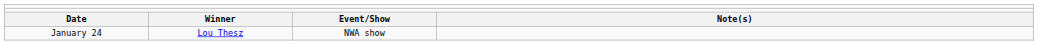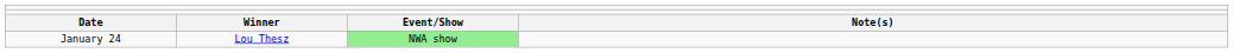 <table class="wikitable" style="text-align:center; width:100%;">
 <tr>
 <td colspan="5"></td>
 </tr>
 <tr>
 <td colspan="5"><strong></strong></td>
 </tr>
 <tr>
 <th width=14%>Date</th>
 <th width=14%>Winner</th>
 <th width=14%>Event/Show</th>
 <th width=58%>Note(s)</th>
 </tr>
 <tr>
 <td>January 24</td>
 <td><a href='#'>Lou Thesz</a></td>
-<td>NWA show</td>
+<td style="background: lightgreen;">NWA show</td>
 <td align=left></td>
 </tr>
 </table>
